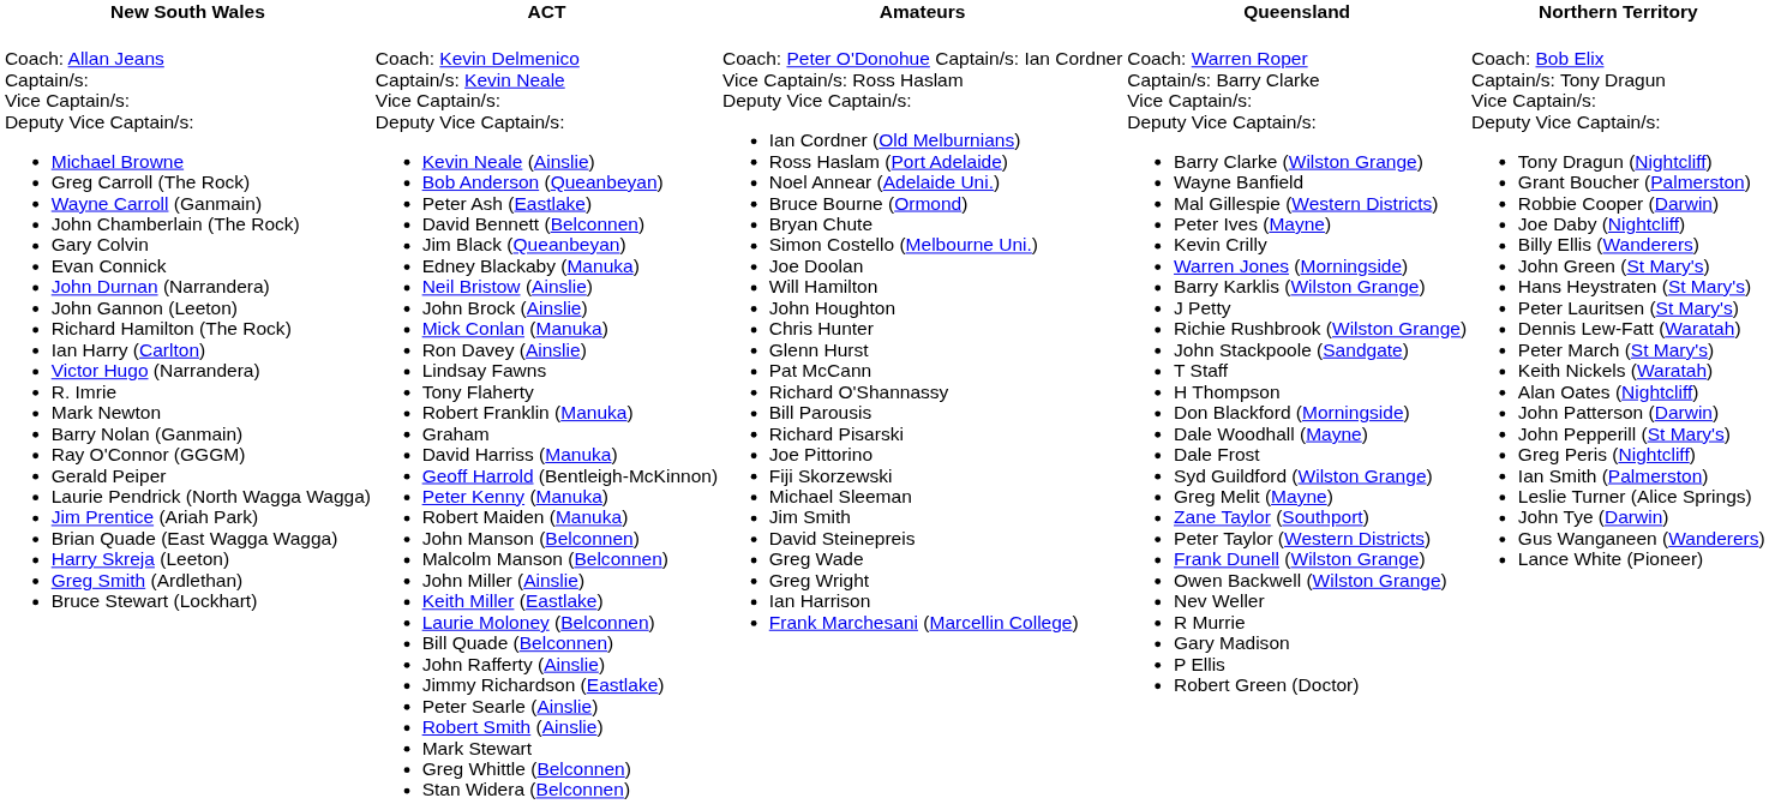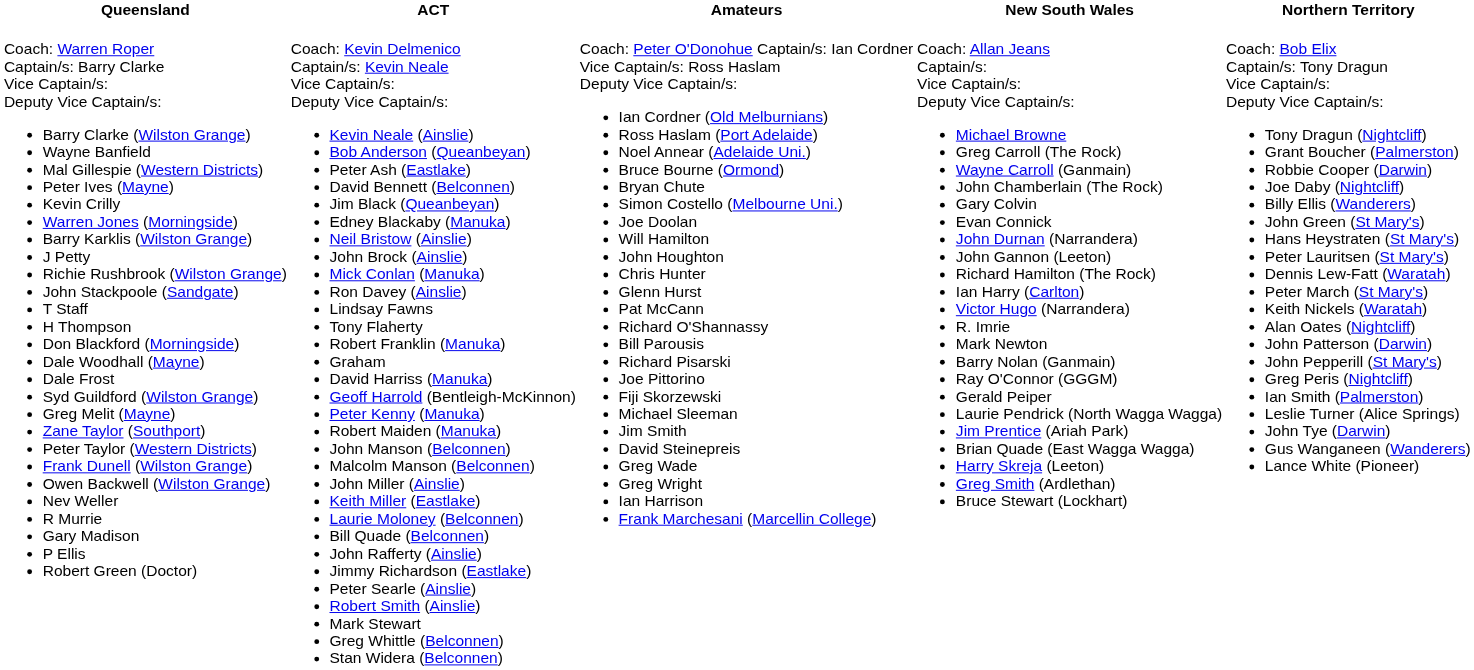 <table>
 <tr>
-<th><span>New South Wales </span></th>
+<th><span>Queensland </span></th>
 <th><span>ACT </span></th>
 <th><span>Amateurs </span></th>
-<th><span>Queensland </span></th>
+<th><span>New South Wales </span></th>
 <th><span>Northern Territory </span></th>
 </tr>
 <tr valign="top">
-<td><br>Coach: <a href='#'>Allan Jeans</a> <br> Captain/s: <br> Vice Captain/s: <br> Deputy Vice Captain/s: <br><ul><li><a href='#'>Michael Browne</a></li><li>Greg Carroll (The Rock)</li><li><a href='#'>Wayne Carroll</a> (Ganmain)</li><li>John Chamberlain (The Rock)</li><li>Gary Colvin</li><li>Evan Connick</li><li><a href='#'>John Durnan</a> (Narrandera)</li><li>John Gannon (Leeton)</li><li>Richard Hamilton (The Rock)</li><li>Ian Harry (<a href='#'>Carlton</a>)</li><li><a href='#'>Victor Hugo</a> (Narrandera)</li><li>R. Imrie</li><li>Mark Newton</li><li>Barry Nolan (Ganmain)</li><li>Ray O'Connor (GGGM)</li><li>Gerald Peiper</li><li>Laurie Pendrick (North Wagga Wagga)</li><li><a href='#'>Jim Prentice</a> (Ariah Park)</li><li>Brian Quade (East Wagga Wagga)</li><li><a href='#'>Harry Skreja</a> (Leeton)</li><li><a href='#'>Greg Smith</a> (Ardlethan)</li><li>Bruce Stewart (Lockhart)</li></ul></td>
+<td><br>Coach: <a href='#'>Warren Roper</a> <br> Captain/s: Barry Clarke <br> Vice Captain/s: <br> Deputy Vice Captain/s: <br><ul><li>Barry Clarke (<a href='#'>Wilston Grange</a>)</li><li>Wayne Banfield</li><li>Mal Gillespie (<a href='#'>Western Districts</a>)</li><li>Peter Ives (<a href='#'>Mayne</a>)</li><li>Kevin Crilly</li><li><a href='#'>Warren Jones</a> (<a href='#'>Morningside</a>)</li><li>Barry Karklis (<a href='#'>Wilston Grange</a>)</li><li>J Petty</li><li>Richie Rushbrook (<a href='#'>Wilston Grange</a>)</li><li>John Stackpoole (<a href='#'>Sandgate</a>)</li><li>T Staff</li><li>H Thompson</li><li>Don Blackford (<a href='#'>Morningside</a>)</li><li>Dale Woodhall (<a href='#'>Mayne</a>)</li><li>Dale Frost</li><li>Syd Guildford (<a href='#'>Wilston Grange</a>)</li><li>Greg Melit (<a href='#'>Mayne</a>)</li><li><a href='#'>Zane Taylor</a> (<a href='#'>Southport</a>)</li><li>Peter Taylor (<a href='#'>Western Districts</a>)</li><li><a href='#'>Frank Dunell</a> (<a href='#'>Wilston Grange</a>)</li><li>Owen Backwell (<a href='#'>Wilston Grange</a>)</li><li>Nev Weller</li><li>R Murrie</li><li>Gary Madison</li><li>P Ellis</li><li>Robert Green (Doctor)</li></ul></td>
 <td><br>Coach: <a href='#'>Kevin Delmenico</a> <br> Captain/s: <a href='#'>Kevin Neale</a> <br> Vice Captain/s: <br> Deputy Vice Captain/s: <br><ul><li><a href='#'>Kevin Neale</a> (<a href='#'>Ainslie</a>)</li><li><a href='#'>Bob Anderson</a> (<a href='#'>Queanbeyan</a>)</li><li>Peter Ash (<a href='#'>Eastlake</a>)</li><li>David Bennett (<a href='#'>Belconnen</a>)</li><li>Jim Black (<a href='#'>Queanbeyan</a>)</li><li>Edney Blackaby (<a href='#'>Manuka</a>)</li><li><a href='#'>Neil Bristow</a> (<a href='#'>Ainslie</a>)</li><li>John Brock (<a href='#'>Ainslie</a>)</li><li><a href='#'>Mick Conlan</a> (<a href='#'>Manuka</a>)</li><li>Ron Davey (<a href='#'>Ainslie</a>)</li><li>Lindsay Fawns</li><li>Tony Flaherty</li><li>Robert Franklin (<a href='#'>Manuka</a>)</li><li>Graham</li><li>David Harriss (<a href='#'>Manuka</a>)</li><li><a href='#'>Geoff Harrold</a> (Bentleigh-McKinnon)</li><li><a href='#'>Peter Kenny</a> (<a href='#'>Manuka</a>)</li><li>Robert Maiden (<a href='#'>Manuka</a>)</li><li>John Manson (<a href='#'>Belconnen</a>)</li><li>Malcolm Manson (<a href='#'>Belconnen</a>)</li><li>John Miller (<a href='#'>Ainslie</a>)</li><li><a href='#'>Keith Miller</a> (<a href='#'>Eastlake</a>)</li><li><a href='#'>Laurie Moloney</a> (<a href='#'>Belconnen</a>)</li><li>Bill Quade (<a href='#'>Belconnen</a>)</li><li>John Rafferty (<a href='#'>Ainslie</a>)</li><li>Jimmy Richardson (<a href='#'>Eastlake</a>)</li><li>Peter Searle (<a href='#'>Ainslie</a>)</li><li><a href='#'>Robert Smith</a> (<a href='#'>Ainslie</a>)</li><li>Mark Stewart</li><li>Greg Whittle (<a href='#'>Belconnen</a>)</li><li>Stan Widera (<a href='#'>Belconnen</a>)</li></ul></td>
 <td><br>Coach: <a href='#'>Peter O'Donohue</a> Captain/s: Ian Cordner <br> Vice Captain/s: Ross Haslam <br> Deputy Vice Captain/s: <br><ul><li>Ian Cordner (<a href='#'>Old Melburnians</a>)</li><li>Ross Haslam (<a href='#'>Port Adelaide</a>)</li><li>Noel Annear (<a href='#'>Adelaide Uni.</a>)</li><li>Bruce Bourne (<a href='#'>Ormond</a>)</li><li>Bryan Chute</li><li>Simon Costello (<a href='#'>Melbourne Uni.</a>)</li><li>Joe Doolan</li><li>Will Hamilton</li><li>John Houghton</li><li>Chris Hunter</li><li>Glenn Hurst</li><li>Pat McCann</li><li>Richard O'Shannassy</li><li>Bill Parousis</li><li>Richard Pisarski</li><li>Joe Pittorino</li><li>Fiji Skorzewski</li><li>Michael Sleeman</li><li>Jim Smith</li><li>David Steinepreis</li><li>Greg Wade</li><li>Greg Wright</li><li>Ian Harrison</li><li><a href='#'>Frank Marchesani</a> (<a href='#'>Marcellin College</a>)</li></ul></td>
-<td><br>Coach: <a href='#'>Warren Roper</a> <br> Captain/s: Barry Clarke <br> Vice Captain/s: <br> Deputy Vice Captain/s: <br><ul><li>Barry Clarke (<a href='#'>Wilston Grange</a>)</li><li>Wayne Banfield</li><li>Mal Gillespie (<a href='#'>Western Districts</a>)</li><li>Peter Ives (<a href='#'>Mayne</a>)</li><li>Kevin Crilly</li><li><a href='#'>Warren Jones</a> (<a href='#'>Morningside</a>)</li><li>Barry Karklis (<a href='#'>Wilston Grange</a>)</li><li>J Petty</li><li>Richie Rushbrook (<a href='#'>Wilston Grange</a>)</li><li>John Stackpoole (<a href='#'>Sandgate</a>)</li><li>T Staff</li><li>H Thompson</li><li>Don Blackford (<a href='#'>Morningside</a>)</li><li>Dale Woodhall (<a href='#'>Mayne</a>)</li><li>Dale Frost</li><li>Syd Guildford (<a href='#'>Wilston Grange</a>)</li><li>Greg Melit (<a href='#'>Mayne</a>)</li><li><a href='#'>Zane Taylor</a> (<a href='#'>Southport</a>)</li><li>Peter Taylor (<a href='#'>Western Districts</a>)</li><li><a href='#'>Frank Dunell</a> (<a href='#'>Wilston Grange</a>)</li><li>Owen Backwell (<a href='#'>Wilston Grange</a>)</li><li>Nev Weller</li><li>R Murrie</li><li>Gary Madison</li><li>P Ellis</li><li>Robert Green (Doctor)</li></ul></td>
+<td><br>Coach: <a href='#'>Allan Jeans</a> <br> Captain/s: <br> Vice Captain/s: <br> Deputy Vice Captain/s: <br><ul><li><a href='#'>Michael Browne</a></li><li>Greg Carroll (The Rock)</li><li><a href='#'>Wayne Carroll</a> (Ganmain)</li><li>John Chamberlain (The Rock)</li><li>Gary Colvin</li><li>Evan Connick</li><li><a href='#'>John Durnan</a> (Narrandera)</li><li>John Gannon (Leeton)</li><li>Richard Hamilton (The Rock)</li><li>Ian Harry (<a href='#'>Carlton</a>)</li><li><a href='#'>Victor Hugo</a> (Narrandera)</li><li>R. Imrie</li><li>Mark Newton</li><li>Barry Nolan (Ganmain)</li><li>Ray O'Connor (GGGM)</li><li>Gerald Peiper</li><li>Laurie Pendrick (North Wagga Wagga)</li><li><a href='#'>Jim Prentice</a> (Ariah Park)</li><li>Brian Quade (East Wagga Wagga)</li><li><a href='#'>Harry Skreja</a> (Leeton)</li><li><a href='#'>Greg Smith</a> (Ardlethan)</li><li>Bruce Stewart (Lockhart)</li></ul></td>
 <td><br>Coach: <a href='#'>Bob Elix</a> <br> Captain/s: Tony Dragun <br> Vice Captain/s: <br> Deputy Vice Captain/s: <br><ul><li>Tony Dragun (<a href='#'>Nightcliff</a>)</li><li>Grant Boucher (<a href='#'>Palmerston</a>)</li><li>Robbie Cooper (<a href='#'>Darwin</a>)</li><li>Joe Daby (<a href='#'>Nightcliff</a>)</li><li>Billy Ellis (<a href='#'>Wanderers</a>)</li><li>John Green (<a href='#'>St Mary's</a>)</li><li>Hans Heystraten (<a href='#'>St Mary's</a>)</li><li>Peter Lauritsen (<a href='#'>St Mary's</a>)</li><li>Dennis Lew-Fatt (<a href='#'>Waratah</a>)</li><li>Peter March (<a href='#'>St Mary's</a>)</li><li>Keith Nickels (<a href='#'>Waratah</a>)</li><li>Alan Oates (<a href='#'>Nightcliff</a>)</li><li>John Patterson (<a href='#'>Darwin</a>)</li><li>John Pepperill (<a href='#'>St Mary's</a>)</li><li>Greg Peris (<a href='#'>Nightcliff</a>)</li><li>Ian Smith (<a href='#'>Palmerston</a>)</li><li>Leslie Turner (Alice Springs)</li><li>John Tye (<a href='#'>Darwin</a>)</li><li>Gus Wanganeen (<a href='#'>Wanderers</a>)</li><li>Lance White (Pioneer)</li></ul></td>
 </tr>
 </table>
